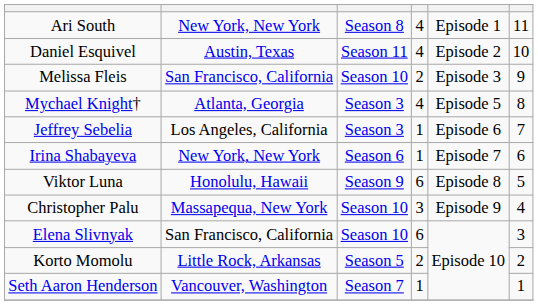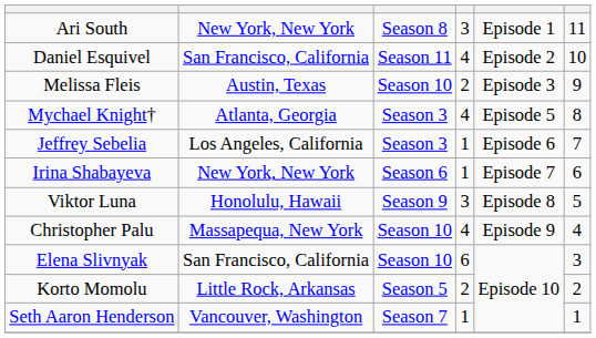 <table class="wikitable sortable" style="text-align:center;">
 <tr>
 <th></th>
 <th></th>
 <th></th>
 <th></th>
 <th></th>
 <th></th>
 </tr>
 <tr>
 <td>Ari South</td>
 <td><a href='#'>New York, New York</a></td>
 <td><a href='#'>Season 8</a></td>
-<td>4</td>
+<td>3</td>
 <td>Episode 1</td>
 <td>11</td>
 </tr>
 <tr>
 <td>Daniel Esquivel</td>
-<td><a href='#'>Austin, Texas</a></td>
+<td><a href='#'>San Francisco, California</a></td>
 <td><a href='#'>Season 11</a></td>
 <td>4</td>
 <td>Episode 2</td>
 <td>10</td>
 </tr>
 <tr>
 <td>Melissa Fleis</td>
-<td><a href='#'>San Francisco, California</a></td>
+<td><a href='#'>Austin, Texas</a></td>
 <td><a href='#'>Season 10</a></td>
 <td>2</td>
 <td>Episode 3</td>
 <td>9</td>
 </tr>
 <tr>
 <td><a href='#'>Mychael Knight</a>†</td>
 <td><a href='#'>Atlanta, Georgia</a></td>
 <td><a href='#'>Season 3</a></td>
 <td>4</td>
 <td>Episode 5</td>
 <td>8</td>
 </tr>
 <tr>
 <td><a href='#'>Jeffrey Sebelia</a></td>
 <td>Los Angeles, California</td>
 <td><a href='#'>Season 3</a></td>
 <td>1</td>
 <td>Episode 6</td>
 <td>7</td>
 </tr>
 <tr>
 <td><a href='#'>Irina Shabayeva</a></td>
 <td><a href='#'>New York, New York</a></td>
 <td><a href='#'>Season 6</a></td>
 <td>1</td>
 <td>Episode 7</td>
 <td>6</td>
 </tr>
 <tr>
 <td>Viktor Luna</td>
 <td><a href='#'>Honolulu, Hawaii</a></td>
 <td><a href='#'>Season 9</a></td>
-<td>6</td>
+<td>3</td>
 <td>Episode 8</td>
 <td>5</td>
 </tr>
 <tr>
 <td>Christopher Palu</td>
 <td><a href='#'>Massapequa, New York</a></td>
 <td><a href='#'>Season 10</a></td>
-<td>3</td>
+<td>4</td>
 <td>Episode 9</td>
 <td>4</td>
 </tr>
 <tr>
 <td><a href='#'>Elena Slivnyak</a></td>
 <td>San Francisco, California</td>
 <td><a href='#'>Season 10</a></td>
 <td>6</td>
 <td rowspan="3">Episode 10</td>
 <td>3</td>
 </tr>
 <tr>
 <td>Korto Momolu</td>
 <td><a href='#'>Little Rock, Arkansas</a></td>
 <td><a href='#'>Season 5</a></td>
 <td>2</td>
 <td>2</td>
 </tr>
 <tr>
 <td><a href='#'>Seth Aaron Henderson</a></td>
 <td><a href='#'>Vancouver, Washington</a></td>
 <td><a href='#'>Season 7</a></td>
 <td>1</td>
 <td>1</td>
 </tr>
 <tr>
 </tr>
 </table>
